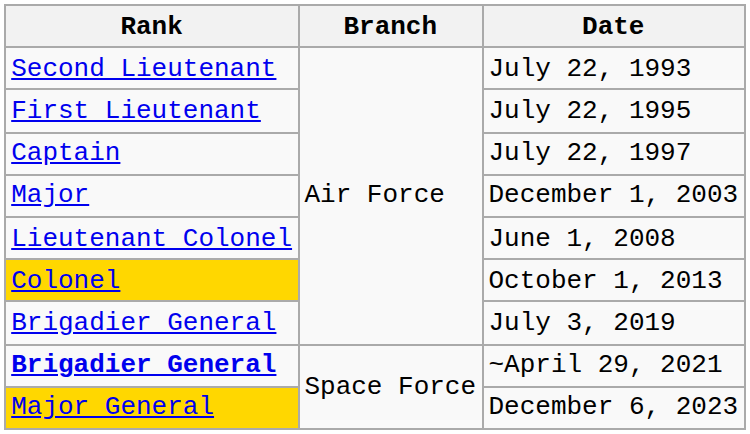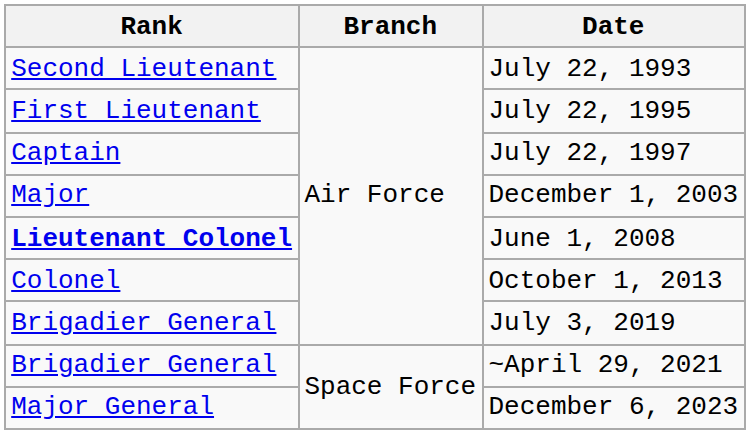 <table class="wikitable">
 <tr>
 <th>Rank</th>
 <th>Branch</th>
 <th>Date</th>
 </tr>
 <tr>
 <td> <a href='#'>Second Lieutenant</a></td>
 <td rowspan=7>Air Force</td>
 <td>July 22, 1993</td>
 </tr>
 <tr>
 <td> <a href='#'>First Lieutenant</a></td>
 <td>July 22, 1995</td>
 </tr>
 <tr>
 <td> <a href='#'>Captain</a></td>
 <td>July 22, 1997</td>
 </tr>
 <tr>
 <td> <a href='#'>Major</a></td>
 <td>December 1, 2003</td>
 </tr>
 <tr>
-<td> <a href='#'>Lieutenant Colonel</a></td>
+<td><strong> <a href='#'>Lieutenant Colonel</a></strong></td>
 <td>June 1, 2008</td>
 </tr>
 <tr>
-<td style="background: gold;"> <a href='#'>Colonel</a></td>
+<td> <a href='#'>Colonel</a></td>
 <td>October 1, 2013</td>
 </tr>
 <tr>
 <td> <a href='#'>Brigadier General</a></td>
 <td>July 3, 2019</td>
 </tr>
 <tr>
-<td><strong> <a href='#'>Brigadier General</a></strong></td>
+<td> <a href='#'>Brigadier General</a></td>
 <td rowspan=2>Space Force</td>
 <td>~April 29, 2021</td>
 </tr>
 <tr>
-<td style="background: gold;"> <a href='#'>Major General</a></td>
+<td> <a href='#'>Major General</a></td>
 <td>December 6, 2023</td>
 </tr>
 </table>
